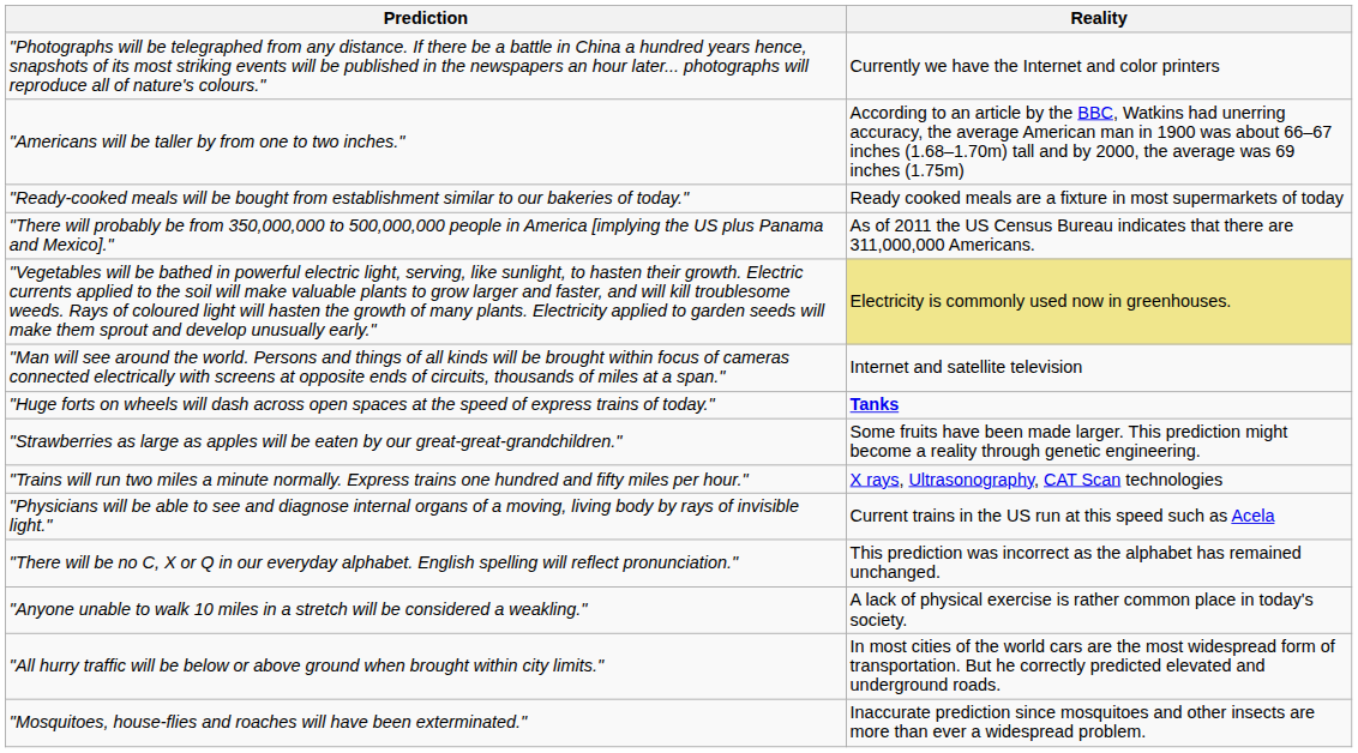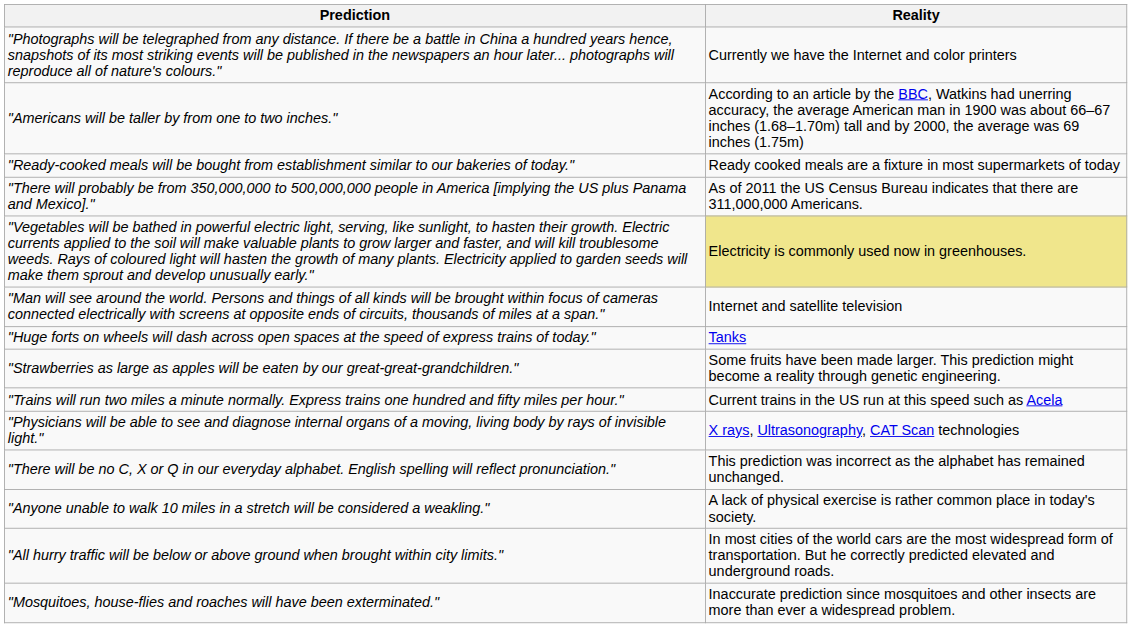 <table class="wikitable sortable">
 <tr>
 <th>Prediction</th>
 <th>Reality</th>
 </tr>
 <tr>
 <td><em>"Photographs will be telegraphed from any distance. If there be a battle in China a hundred years hence, snapshots of its most striking events will be published in the newspapers an hour later... photographs will reproduce all of nature's colours."</em></td>
 <td>Currently we have the Internet and color printers</td>
 </tr>
 <tr>
 <td><em>"Americans will be taller by from one to two inches."</em></td>
 <td>According to an article by the <a href='#'>BBC</a>, Watkins had unerring accuracy, the average American man in 1900 was about 66–67 inches (1.68–1.70m) tall and by 2000, the average was 69 inches (1.75m)</td>
 </tr>
 <tr>
 <td><em>"Ready-cooked meals will be bought from establishment similar to our bakeries of today."</em></td>
 <td>Ready cooked meals are a fixture in most supermarkets of today</td>
 </tr>
 <tr>
 <td><em>"There will probably be from 350,000,000 to 500,000,000 people in America [implying the US plus Panama and Mexico]."</em></td>
 <td>As of 2011 the US Census Bureau indicates that there are 311,000,000 Americans.</td>
 </tr>
 <tr>
 <td><em>"Vegetables will be bathed in powerful electric light, serving, like sunlight, to hasten their growth. Electric currents applied to the soil will make valuable plants to grow larger and faster, and will kill troublesome weeds. Rays of coloured light will hasten the growth of many plants. Electricity applied to garden seeds will make them sprout and develop unusually early."</em></td>
 <td style="background: khaki;">Electricity is commonly used now in greenhouses.</td>
 </tr>
 <tr>
 <td><em>"Man will see around the world. Persons and things of all kinds will be brought within focus of cameras connected electrically with screens at opposite ends of circuits, thousands of miles at a span."</em></td>
 <td>Internet and satellite television</td>
 </tr>
 <tr>
 <td><em>"Huge forts on wheels will dash across open spaces at the speed of express trains of today."</em></td>
-<td><strong><a href='#'>Tanks</a></strong></td>
+<td><a href='#'>Tanks</a></td>
 </tr>
 <tr>
 <td><em>"Strawberries as large as apples will be eaten by our great-great-grandchildren."</em></td>
 <td>Some fruits have been made larger. This prediction might become a reality through genetic engineering.</td>
 </tr>
 <tr>
 <td><em>"Trains will run two miles a minute normally. Express trains one hundred and fifty miles per hour."</em></td>
-<td><a href='#'>X rays</a>, <a href='#'>Ultrasonography</a>, <a href='#'>CAT Scan</a> technologies</td>
+<td>Current trains in the US run at this speed such as <a href='#'>Acela</a></td>
 </tr>
 <tr>
 <td><em>"Physicians will be able to see and diagnose internal organs of a moving, living body by rays of invisible light."</em></td>
-<td>Current trains in the US run at this speed such as <a href='#'>Acela</a></td>
+<td><a href='#'>X rays</a>, <a href='#'>Ultrasonography</a>, <a href='#'>CAT Scan</a> technologies</td>
 </tr>
 <tr>
 <td><em>"There will be no C, X or Q in our everyday alphabet. English spelling will reflect pronunciation."</em></td>
 <td>This prediction was incorrect as the alphabet has remained unchanged.</td>
 </tr>
 <tr>
 <td><em>"Anyone unable to walk 10 miles in a stretch will be considered a weakling."</em></td>
 <td>A lack of physical exercise is rather common place in today's society.</td>
 </tr>
 <tr>
 <td><em>"All hurry traffic will be below or above ground when brought within city limits."</em></td>
 <td>In most cities of the world cars are the most widespread form of transportation. But he correctly predicted elevated and underground roads.</td>
 </tr>
 <tr>
 <td><em>"Mosquitoes, house-flies and roaches will have been exterminated."</em></td>
 <td>Inaccurate prediction since mosquitoes and other insects are more than ever a widespread problem.</td>
 </tr>
 </table>
